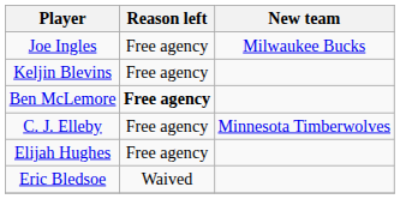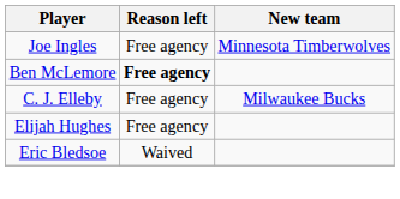 <table class="wikitable sortable sortable" style="text-align: center">
 <tr>
 <th>Player</th>
 <th>Reason left</th>
 <th>New team</th>
 </tr>
 <tr>
 <td><a href='#'>Joe Ingles</a></td>
 <td>Free agency</td>
-<td><a href='#'>Milwaukee Bucks</a></td>
-</tr>
-<tr>
-<td><a href='#'>Keljin Blevins</a></td>
-<td>Free agency</td>
-<td></td>
+<td><a href='#'>Minnesota Timberwolves</a></td>
 </tr>
 <tr>
 <td><a href='#'>Ben McLemore</a></td>
 <td><strong>Free agency</strong></td>
 <td></td>
 </tr>
 <tr>
 <td><a href='#'>C. J. Elleby</a></td>
 <td>Free agency</td>
-<td><a href='#'>Minnesota Timberwolves</a></td>
+<td><a href='#'>Milwaukee Bucks</a></td>
 </tr>
 <tr>
 <td><a href='#'>Elijah Hughes</a></td>
 <td>Free agency</td>
 <td></td>
 </tr>
 <tr>
 <td><a href='#'>Eric Bledsoe</a></td>
 <td>Waived</td>
 <td></td>
 </tr>
 <tr>
 </tr>
 </table>
